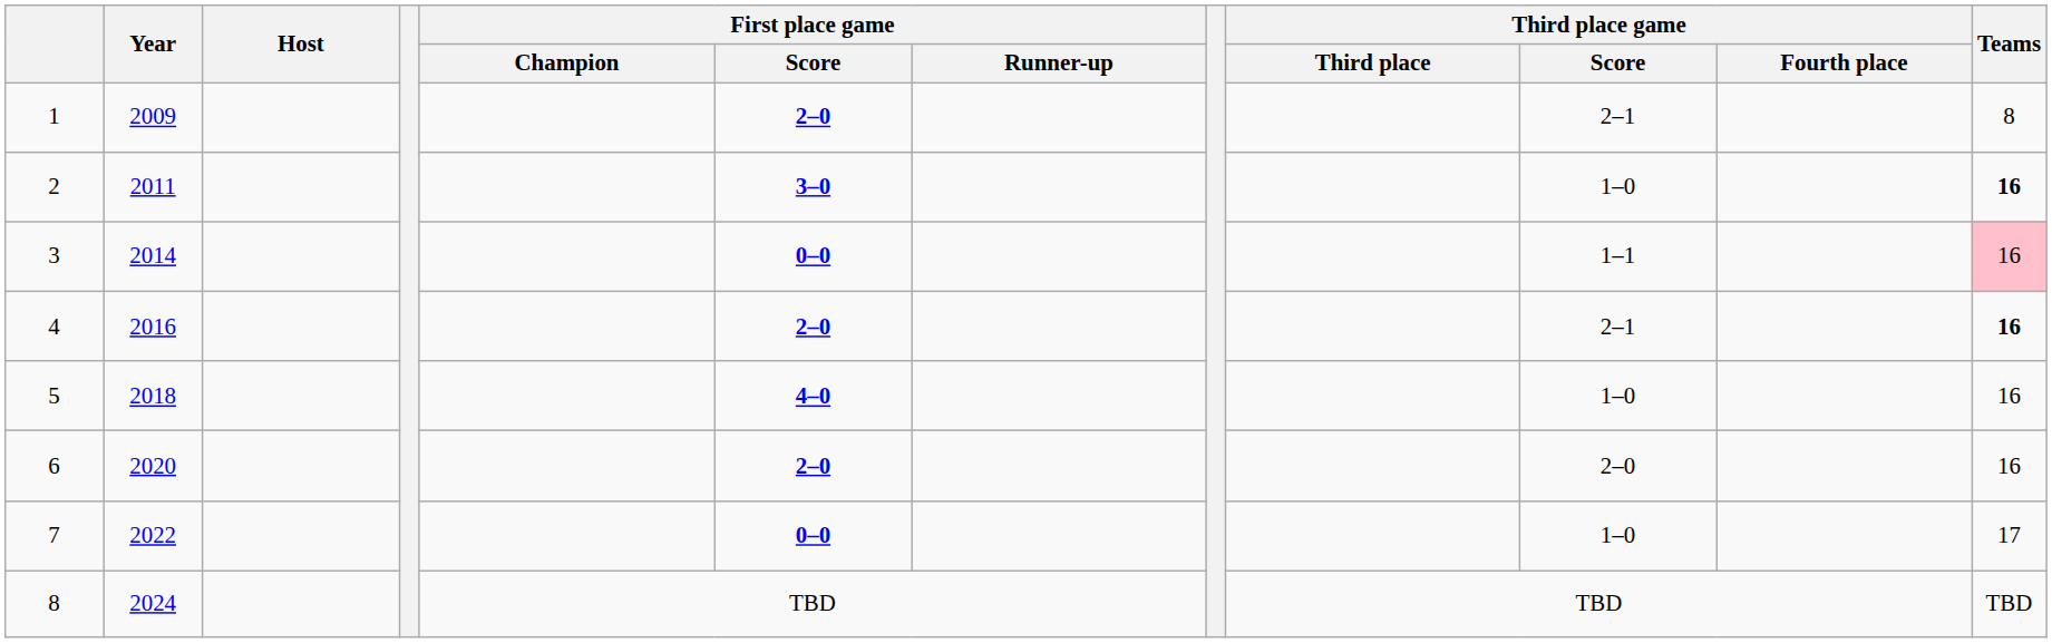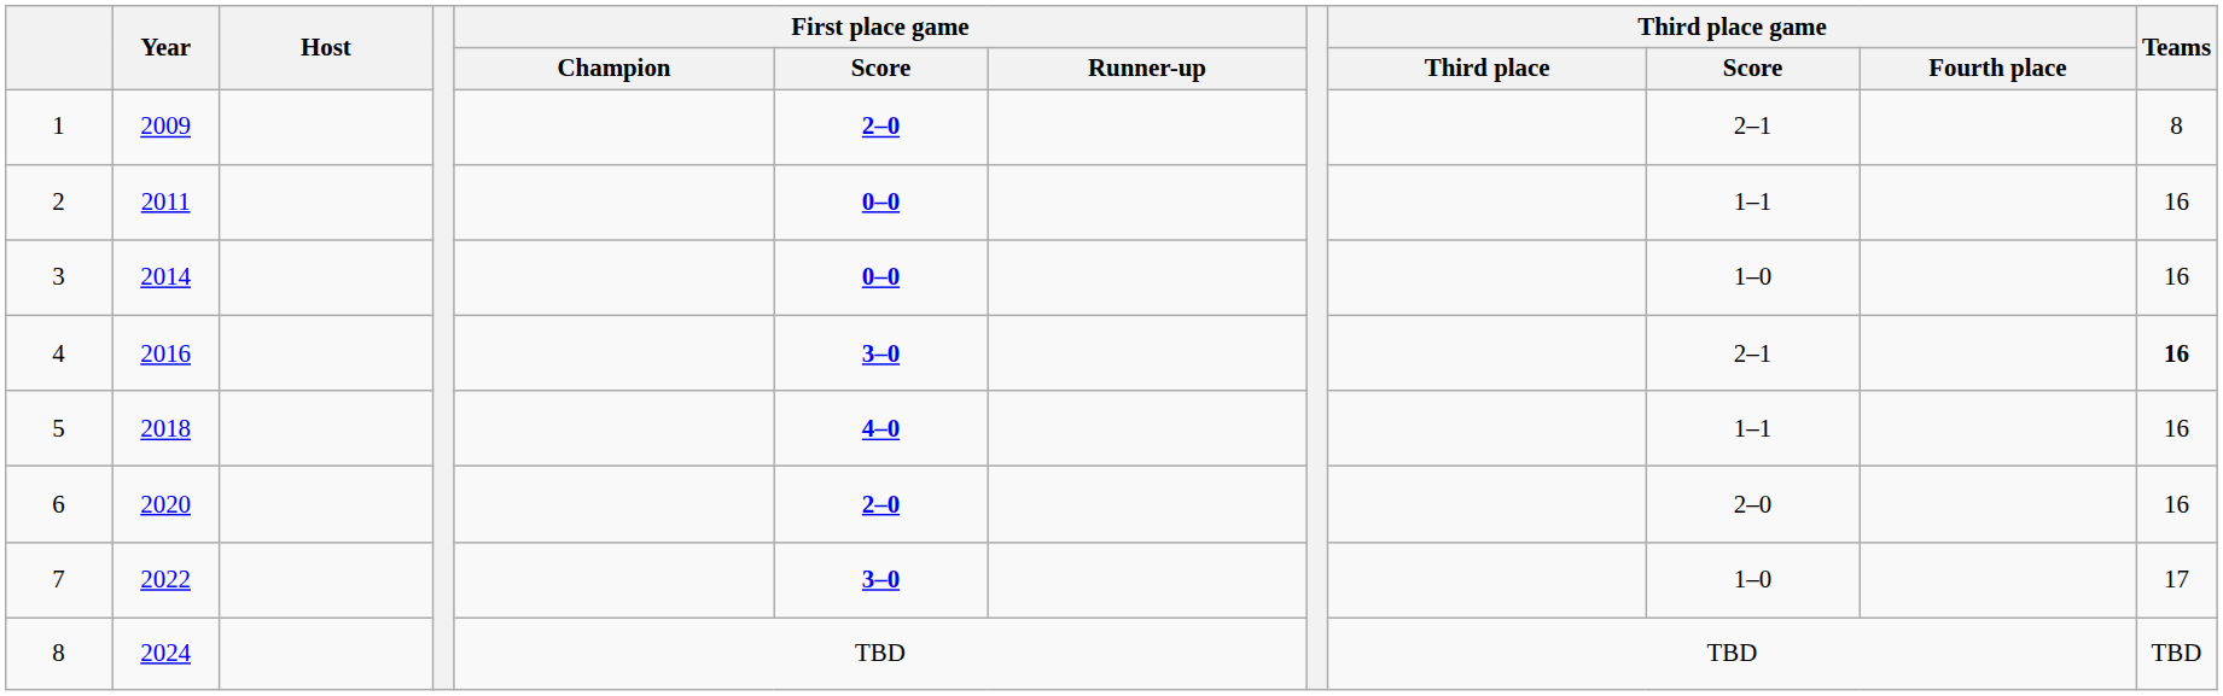 <table class="wikitable" style="font-size:90%; text-align:center; width:100%;">
 <tr>
 <th rowspan="2" style="width:5%;"></th>
 <th rowspan="2" style="width:5%;">Year</th>
 <th rowspan="2" style="width:10%;">Host</th>
 <th rowspan="10" style="width:1%;"></th>
 <th colspan="3">First place game</th>
 <th rowspan="10" style="width:1%;"></th>
 <th colspan="3">Third place game</th>
 <th rowspan="2" style="width:5%;">Teams</th>
 </tr>
 <tr>
 <th style="width:15%;"> Champion</th>
 <th style="width:10%;">Score</th>
 <th style="width:15%;"> Runner-up</th>
 <th style="width:15%;"> Third place</th>
 <th style="width:10%;">Score</th>
 <th style="width:15%;"> Fourth place</th>
 </tr>
 <tr style=" height:3em;">
 <td>1</td>
 <td><a href='#'>2009</a></td>
 <td style="text-align:left"></td>
 <td><strong></strong></td>
 <td><strong><a href='#'>2–0</a></strong></td>
 <td></td>
 <td></td>
 <td>2–1</td>
 <td></td>
 <td>8</td>
 </tr>
 <tr style=" height:3em;">
 <td>2</td>
 <td><a href='#'>2011</a></td>
 <td style="text-align:left"></td>
 <td><strong></strong></td>
-<td><strong><a href='#'>3–0</a></strong></td>
+<td><strong><a href='#'>0–0</a></strong><br></td>
 <td></td>
 <td></td>
-<td>1–0</td>
+<td>1–1<br></td>
 <td></td>
-<td><strong>16</strong></td>
+<td>16</td>
 </tr>
 <tr style=" height:3em;">
 <td>3</td>
 <td><a href='#'>2014</a></td>
 <td style="text-align:left"></td>
 <td><strong></strong></td>
 <td><strong><a href='#'>0–0</a></strong><br></td>
 <td></td>
 <td></td>
-<td>1–1<br></td>
+<td>1–0</td>
 <td></td>
-<td style="background: pink;">16</td>
+<td>16</td>
 </tr>
 <tr style=" height:3em;">
 <td>4</td>
 <td><a href='#'>2016</a></td>
 <td style="text-align:left"></td>
 <td><strong></strong></td>
-<td><strong><a href='#'>2–0</a></strong></td>
+<td><strong><a href='#'>3–0</a></strong></td>
 <td></td>
 <td></td>
 <td>2–1</td>
 <td></td>
 <td><strong>16</strong></td>
 </tr>
 <tr style=" height:3em;">
 <td>5</td>
 <td><a href='#'>2018</a></td>
 <td style="text-align:left"></td>
 <td><strong></strong></td>
 <td><strong><a href='#'>4–0</a></strong></td>
 <td></td>
 <td></td>
-<td>1–0</td>
+<td>1–1<br></td>
 <td></td>
 <td>16</td>
 </tr>
 <tr style=" height:3em;">
 <td>6</td>
 <td><a href='#'>2020</a></td>
 <td style="text-align:left"></td>
 <td><strong></strong></td>
 <td><strong><a href='#'>2–0</a></strong></td>
 <td></td>
 <td></td>
 <td>2–0</td>
 <td></td>
 <td>16</td>
 </tr>
 <tr style=" height:3em;">
 <td>7</td>
 <td><a href='#'>2022</a></td>
 <td style="text-align:left"></td>
 <td><strong></strong></td>
-<td><strong><a href='#'>0–0</a></strong><br></td>
+<td><strong><a href='#'>3–0</a></strong></td>
 <td></td>
 <td></td>
 <td>1–0</td>
 <td></td>
 <td>17</td>
 </tr>
 <tr>
 <td>8</td>
 <td><a href='#'>2024</a></td>
 <td style="text-align:left"><br><br></td>
 <td colspan="3">TBD</td>
 <td colspan="3">TBD</td>
 <td>TBD</td>
 </tr>
 </table>
